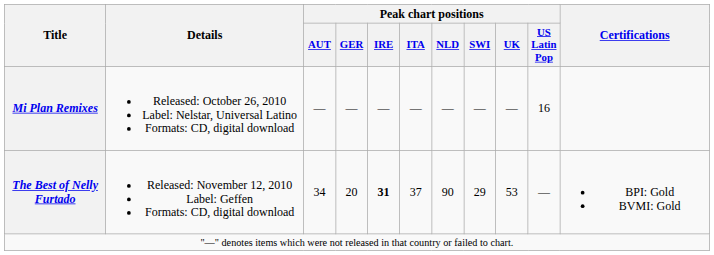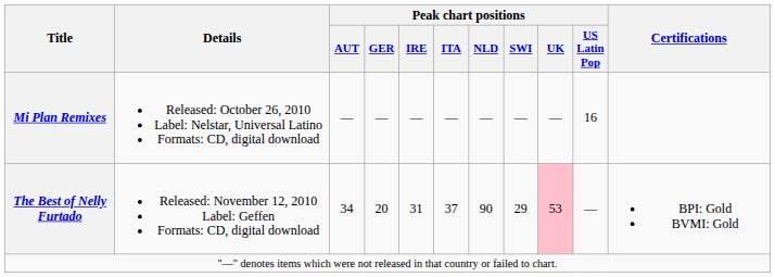 <table class="wikitable plainrowheaders" style="text-align:center;">
 <tr>
 <th scope="col" rowspan="2" style="width:8em;">Title</th>
 <th scope="col" rowspan="2" style="width:16em;">Details</th>
 <th scope="col" colspan="8">Peak chart positions</th>
 <th scope="col" rowspan="2" style="width:12em;"><a href='#'>Certifications</a></th>
 </tr>
 <tr>
 <th scope="col" style="width:2.5em;font-size:90%;"><a href='#'>AUT</a><br></th>
 <th scope="col" style="width:2.5em;font-size:90%;"><a href='#'>GER</a><br></th>
 <th scope="col" style="width:2.5em;font-size:90%;"><a href='#'>IRE</a><br></th>
 <th scope="col" style="width:2.5em;font-size:90%;"><a href='#'>ITA</a><br></th>
 <th scope="col" style="width:2.5em;font-size:90%;"><a href='#'>NLD</a><br></th>
 <th scope="col" style="width:2.5em;font-size:90%;"><a href='#'>SWI</a><br></th>
 <th scope="col" style="width:2.5em;font-size:90%;"><a href='#'>UK</a><br></th>
 <th scope="col" style="width:2.5em;font-size:90%;"><a href='#'>US<br>Latin<br>Pop</a><br></th>
 </tr>
 <tr>
 <th scope="row"><em><a href='#'>Mi Plan Remixes</a></em></th>
 <td><br><ul><li>Released: October 26, 2010</li><li>Label: Nelstar, Universal Latino</li><li>Formats: CD, digital download</li></ul></td>
 <td>—</td>
 <td>—</td>
 <td>—</td>
 <td>—</td>
 <td>—</td>
 <td>—</td>
 <td>—</td>
 <td>16</td>
 <td></td>
 </tr>
 <tr>
 <th scope="row"><em><a href='#'>The Best of Nelly Furtado</a></em></th>
 <td><br><ul><li>Released: November 12, 2010</li><li>Label: Geffen</li><li>Formats: CD, digital download</li></ul></td>
 <td>34</td>
 <td>20</td>
-<td><strong>31</strong></td>
+<td>31</td>
 <td>37</td>
 <td>90</td>
 <td>29</td>
-<td>53</td>
+<td style="background: pink;">53</td>
 <td>—</td>
 <td><br><ul><li>BPI: Gold</li><li>BVMI: Gold</li></ul></td>
 </tr>
 <tr>
 <td colspan="15" style="font-size:85%">"—" denotes items which were not released in that country or failed to chart.</td>
 </tr>
 </table>
